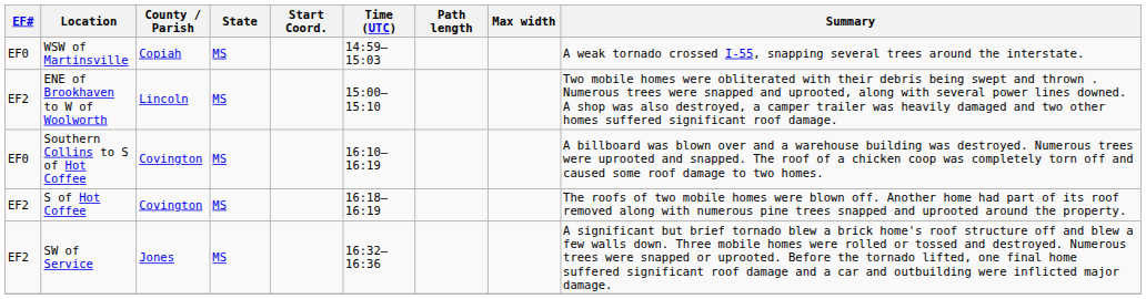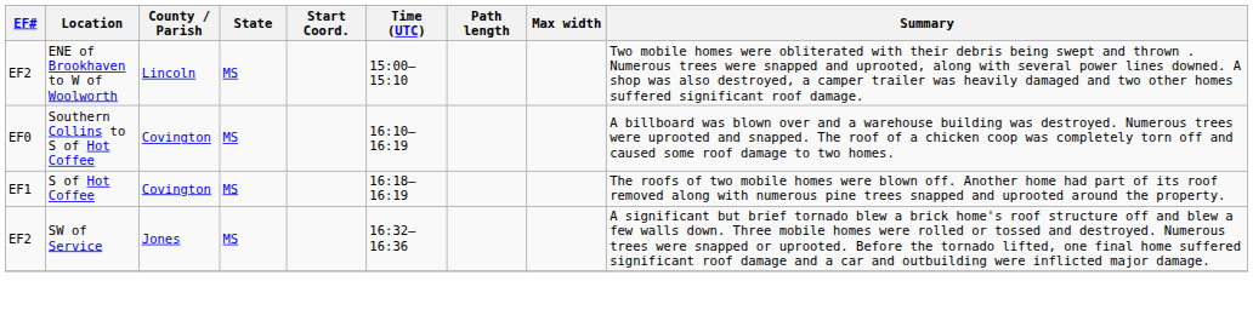 <table class="wikitable sortable" style="width:100%;">
 <tr>
 <th scope="col"  style="width:3%; text-align:center;"><a href='#'>EF#</a></th>
 <th scope="col"  style="width:7%; text-align:center;" class="unsortable">Location</th>
 <th scope="col"  style="width:6%; text-align:center;" class="unsortable">County / Parish</th>
 <th scope="col"  style="width:5%; text-align:center;">State</th>
 <th scope="col"  style="width:6%; text-align:center;">Start Coord.</th>
 <th scope="col"  style="width:6%; text-align:center;">Time (<a href='#'>UTC</a>)</th>
 <th scope="col"  style="width:6%; text-align:center;">Path length</th>
 <th scope="col"  style="width:6%; text-align:center;">Max width</th>
 <th scope="col" class="unsortable" style="width:48%; text-align:center;">Summary</th>
-</tr>
-<tr>
-<td>EF0</td>
-<td>WSW of <a href='#'>Martinsville</a></td>
-<td><a href='#'>Copiah</a></td>
-<td><a href='#'>MS</a></td>
-<td></td>
-<td>14:59–15:03</td>
-<td></td>
-<td></td>
-<td>A weak tornado crossed <a href='#'>I-55</a>, snapping several trees around the interstate.</td>
 </tr>
 <tr>
 <td>EF2</td>
 <td>ENE of <a href='#'>Brookhaven</a> to W of <a href='#'>Woolworth</a></td>
 <td><a href='#'>Lincoln</a></td>
 <td><a href='#'>MS</a></td>
 <td></td>
 <td>15:00–15:10</td>
 <td></td>
 <td></td>
 <td>Two mobile homes were obliterated with their debris being swept and thrown . Numerous trees were snapped and uprooted, along with several power lines downed. A shop was also destroyed, a camper trailer was heavily damaged and two other homes suffered significant roof damage.</td>
 </tr>
 <tr>
 <td>EF0</td>
 <td>Southern <a href='#'>Collins</a> to S of <a href='#'>Hot Coffee</a></td>
 <td><a href='#'>Covington</a></td>
 <td><a href='#'>MS</a></td>
 <td></td>
 <td>16:10–16:19</td>
 <td></td>
 <td></td>
 <td>A billboard was blown over and a warehouse building was destroyed. Numerous trees were uprooted and snapped. The roof of a chicken coop was completely torn off and caused some roof damage to two homes.</td>
 </tr>
 <tr>
-<td>EF2</td>
+<td>EF1</td>
 <td>S of <a href='#'>Hot Coffee</a></td>
 <td><a href='#'>Covington</a></td>
 <td><a href='#'>MS</a></td>
 <td></td>
 <td>16:18–16:19</td>
 <td></td>
 <td></td>
 <td>The roofs of two mobile homes were blown off. Another home had part of its roof removed along with numerous pine trees snapped and uprooted around the property.</td>
 </tr>
 <tr>
 <td>EF2</td>
 <td>SW of <a href='#'>Service</a></td>
 <td><a href='#'>Jones</a></td>
 <td><a href='#'>MS</a></td>
 <td></td>
 <td>16:32–16:36</td>
 <td></td>
 <td></td>
 <td>A significant but brief tornado blew a brick home's roof structure off and blew a few walls down. Three mobile homes were rolled or tossed and destroyed. Numerous trees were snapped or uprooted. Before the tornado lifted, one final home suffered significant roof damage and a car and outbuilding were inflicted major damage.</td>
 </tr>
 <tr>
 </tr>
 </table>
